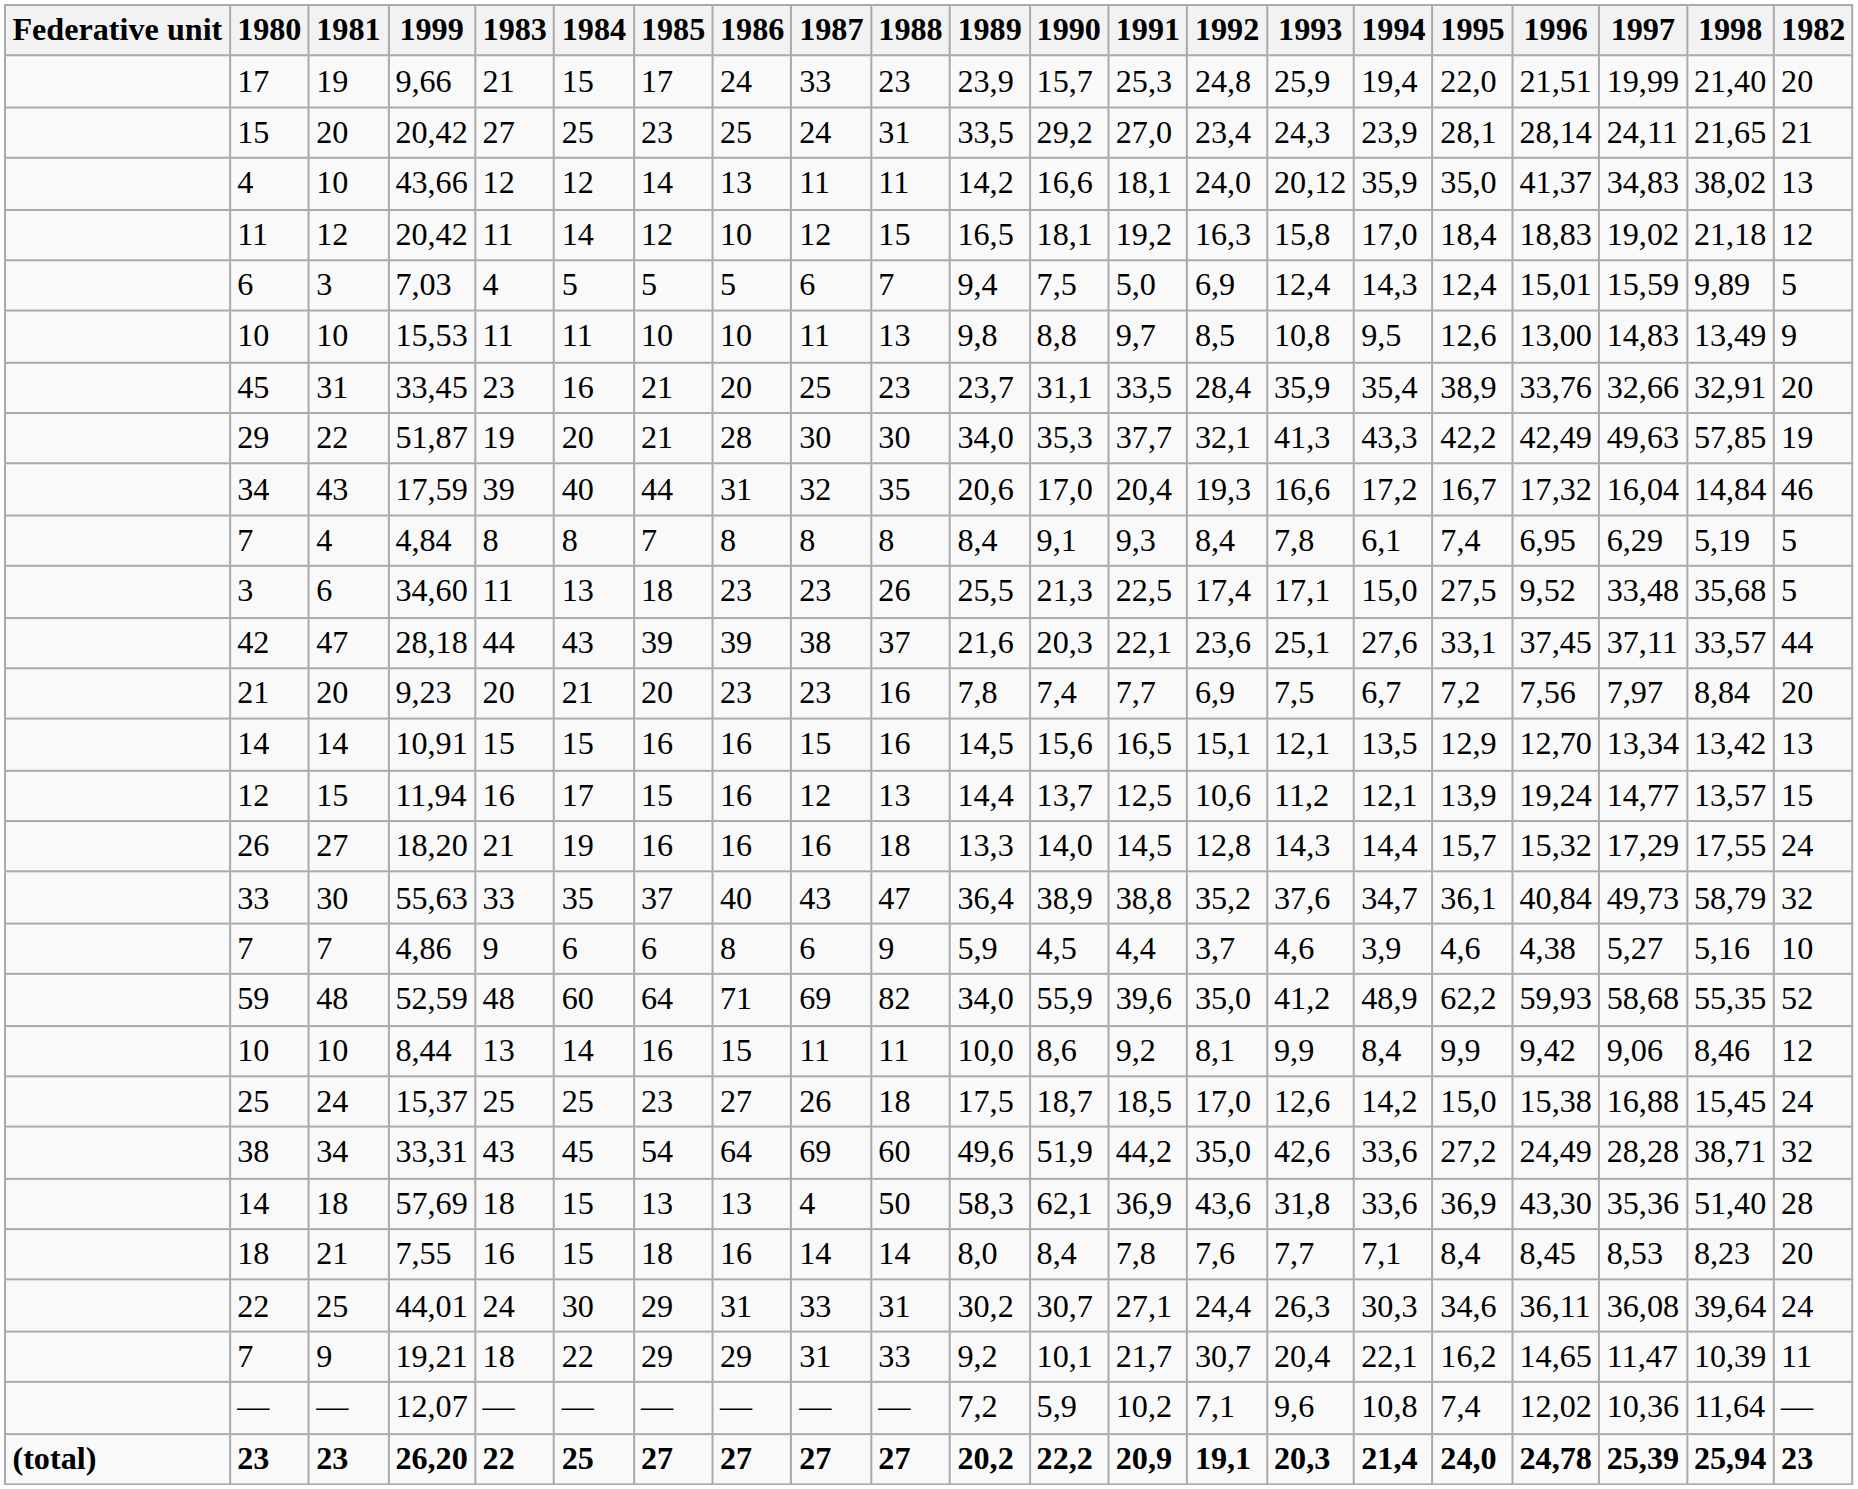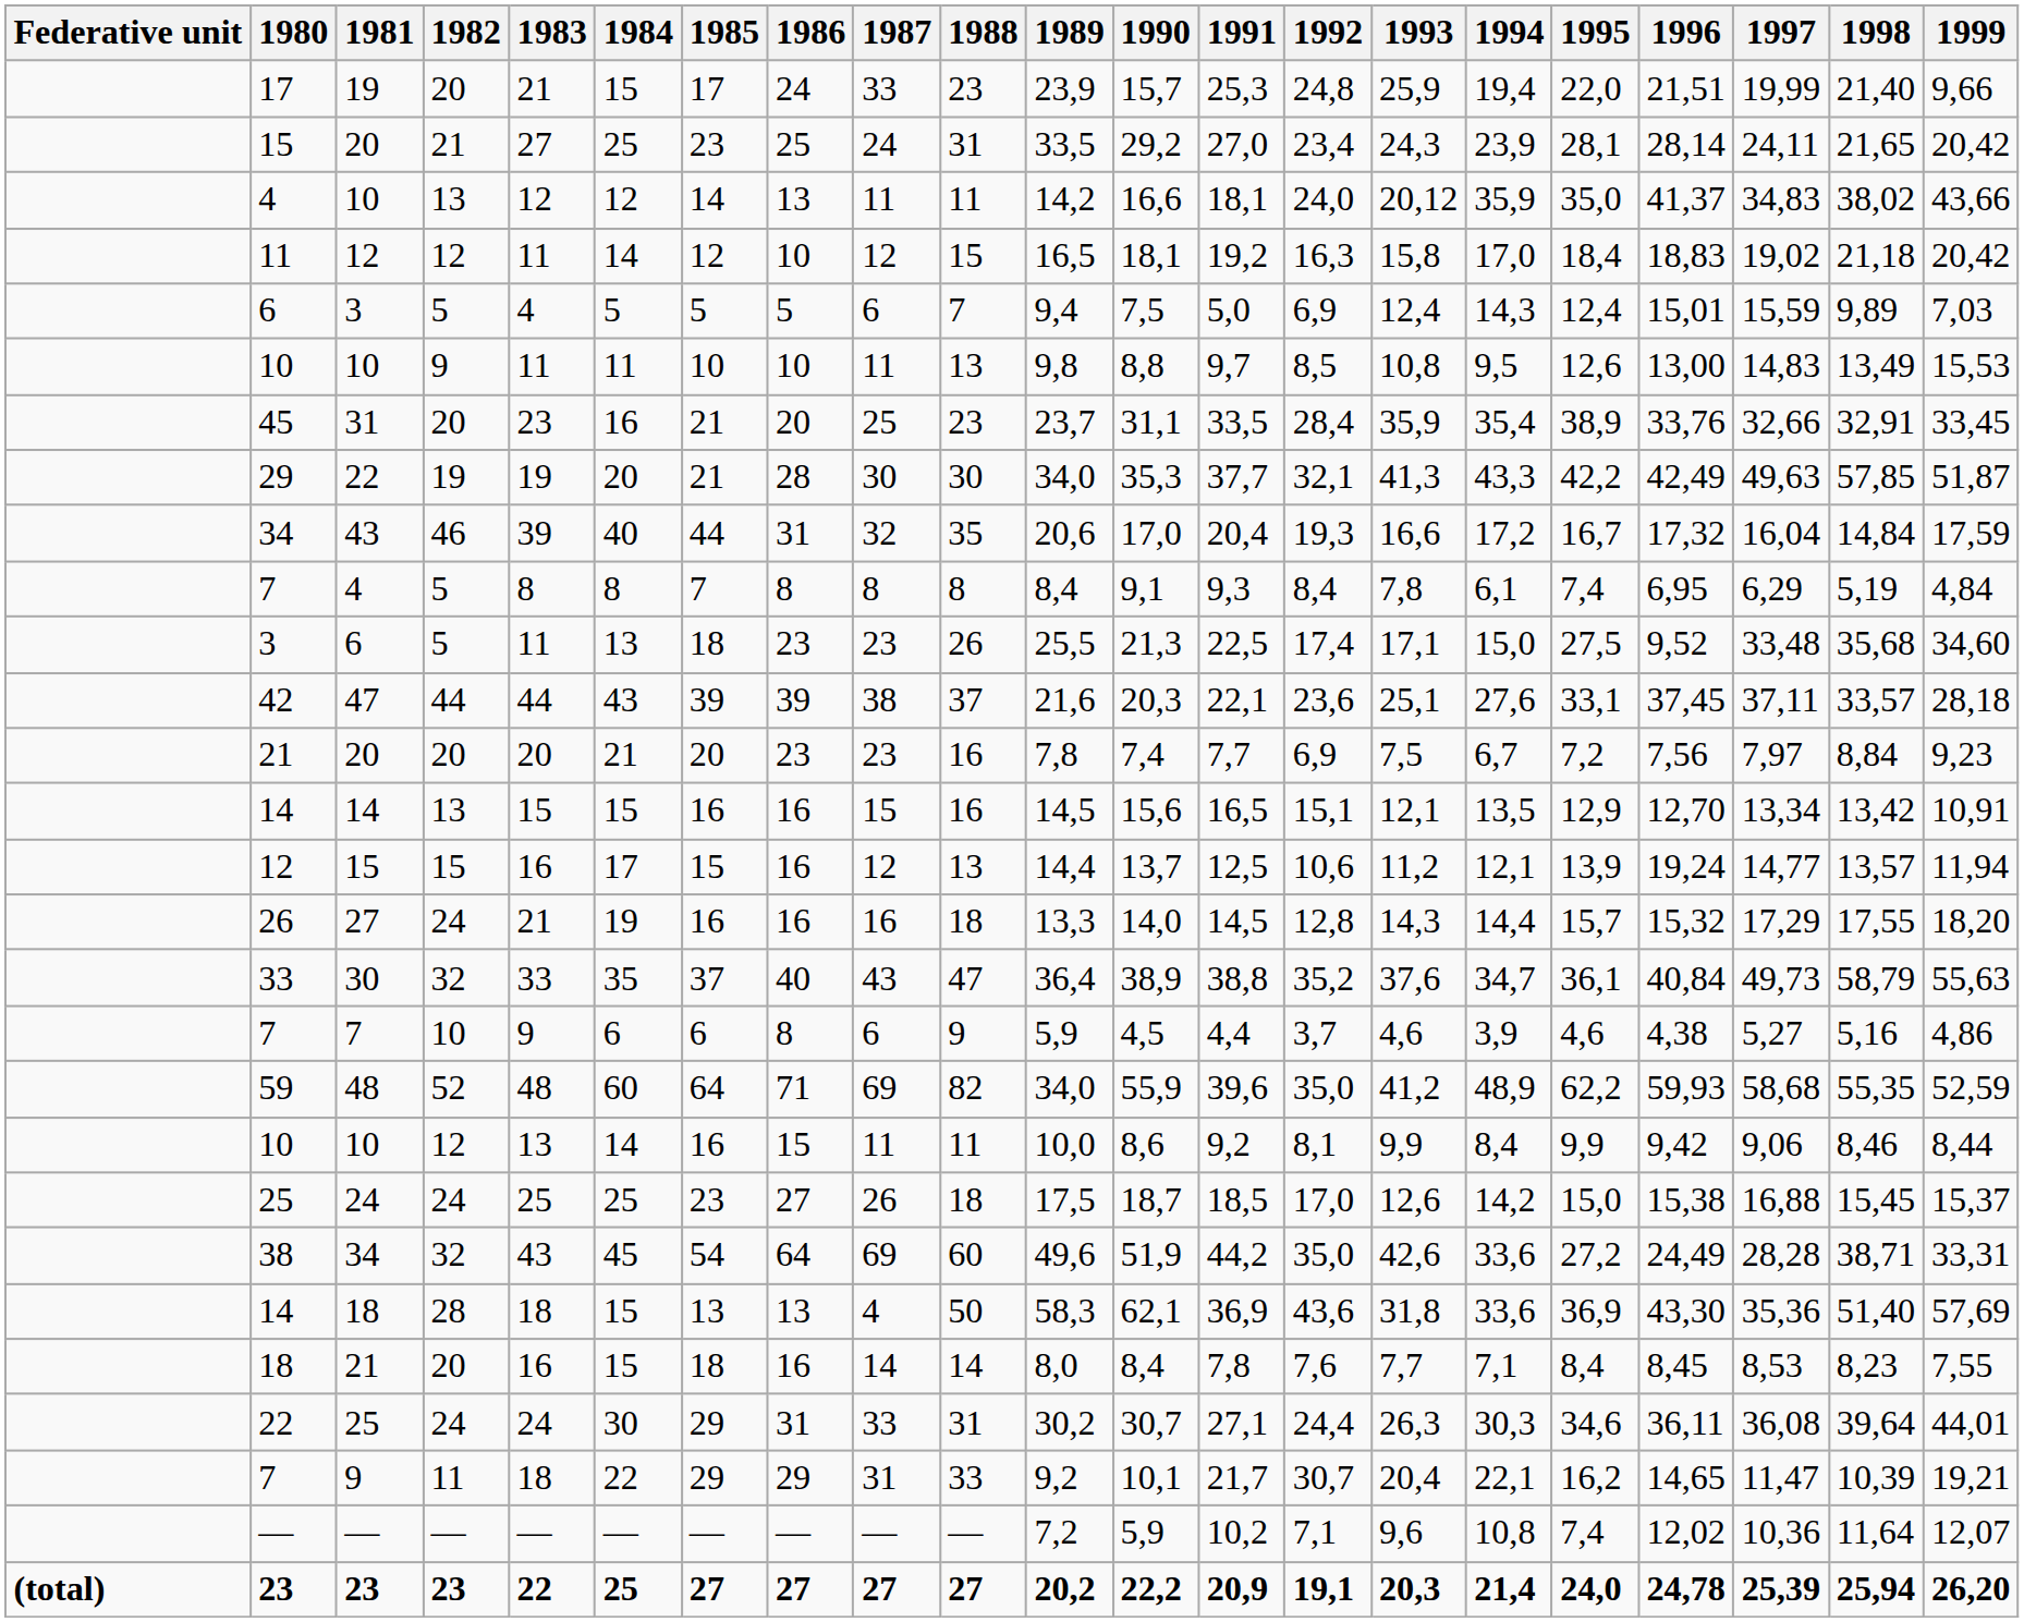 <table class="wikitable sortable">
 <tr>
 <th>Federative unit</th>
 <th>1980</th>
 <th>1981</th>
-<th>1999</th>
+<th>1982</th>
 <th>1983</th>
 <th>1984</th>
 <th>1985</th>
 <th>1986</th>
 <th>1987</th>
 <th>1988</th>
 <th>1989</th>
 <th>1990</th>
 <th>1991</th>
 <th>1992</th>
 <th>1993</th>
 <th>1994</th>
 <th>1995</th>
 <th>1996</th>
 <th>1997</th>
 <th>1998</th>
-<th>1982</th>
+<th>1999</th>
 </tr>
 <tr>
 <td></td>
 <td>17</td>
 <td>19</td>
-<td>9,66</td>
+<td>20</td>
 <td>21</td>
 <td>15</td>
 <td>17</td>
 <td>24</td>
 <td>33</td>
 <td>23</td>
 <td>23,9</td>
 <td>15,7</td>
 <td>25,3</td>
 <td>24,8</td>
 <td>25,9</td>
 <td>19,4</td>
 <td>22,0</td>
 <td>21,51</td>
 <td>19,99</td>
 <td>21,40</td>
-<td>20</td>
+<td>9,66</td>
 </tr>
 <tr>
 <td></td>
 <td>15</td>
 <td>20</td>
-<td>20,42</td>
+<td>21</td>
 <td>27</td>
 <td>25</td>
 <td>23</td>
 <td>25</td>
 <td>24</td>
 <td>31</td>
 <td>33,5</td>
 <td>29,2</td>
 <td>27,0</td>
 <td>23,4</td>
 <td>24,3</td>
 <td>23,9</td>
 <td>28,1</td>
 <td>28,14</td>
 <td>24,11</td>
 <td>21,65</td>
-<td>21</td>
+<td>20,42</td>
 </tr>
 <tr>
 <td></td>
 <td>4</td>
 <td>10</td>
-<td>43,66</td>
+<td>13</td>
 <td>12</td>
 <td>12</td>
 <td>14</td>
 <td>13</td>
 <td>11</td>
 <td>11</td>
 <td>14,2</td>
 <td>16,6</td>
 <td>18,1</td>
 <td>24,0</td>
 <td>20,12</td>
 <td>35,9</td>
 <td>35,0</td>
 <td>41,37</td>
 <td>34,83</td>
 <td>38,02</td>
-<td>13</td>
+<td>43,66</td>
 </tr>
 <tr>
 <td></td>
 <td>11</td>
 <td>12</td>
-<td>20,42</td>
+<td>12</td>
 <td>11</td>
 <td>14</td>
 <td>12</td>
 <td>10</td>
 <td>12</td>
 <td>15</td>
 <td>16,5</td>
 <td>18,1</td>
 <td>19,2</td>
 <td>16,3</td>
 <td>15,8</td>
 <td>17,0</td>
 <td>18,4</td>
 <td>18,83</td>
 <td>19,02</td>
 <td>21,18</td>
-<td>12</td>
+<td>20,42</td>
 </tr>
 <tr>
 <td></td>
 <td>6</td>
 <td>3</td>
-<td>7,03</td>
+<td>5</td>
 <td>4</td>
 <td>5</td>
 <td>5</td>
 <td>5</td>
 <td>6</td>
 <td>7</td>
 <td>9,4</td>
 <td>7,5</td>
 <td>5,0</td>
 <td>6,9</td>
 <td>12,4</td>
 <td>14,3</td>
 <td>12,4</td>
 <td>15,01</td>
 <td>15,59</td>
 <td>9,89</td>
-<td>5</td>
+<td>7,03</td>
 </tr>
 <tr>
 <td></td>
 <td>10</td>
 <td>10</td>
-<td>15,53</td>
+<td>9</td>
 <td>11</td>
 <td>11</td>
 <td>10</td>
 <td>10</td>
 <td>11</td>
 <td>13</td>
 <td>9,8</td>
 <td>8,8</td>
 <td>9,7</td>
 <td>8,5</td>
 <td>10,8</td>
 <td>9,5</td>
 <td>12,6</td>
 <td>13,00</td>
 <td>14,83</td>
 <td>13,49</td>
-<td>9</td>
+<td>15,53</td>
 </tr>
 <tr>
 <td></td>
 <td>45</td>
 <td>31</td>
-<td>33,45</td>
+<td>20</td>
 <td>23</td>
 <td>16</td>
 <td>21</td>
 <td>20</td>
 <td>25</td>
 <td>23</td>
 <td>23,7</td>
 <td>31,1</td>
 <td>33,5</td>
 <td>28,4</td>
 <td>35,9</td>
 <td>35,4</td>
 <td>38,9</td>
 <td>33,76</td>
 <td>32,66</td>
 <td>32,91</td>
-<td>20</td>
+<td>33,45</td>
 </tr>
 <tr>
 <td></td>
 <td>29</td>
 <td>22</td>
-<td>51,87</td>
+<td>19</td>
 <td>19</td>
 <td>20</td>
 <td>21</td>
 <td>28</td>
 <td>30</td>
 <td>30</td>
 <td>34,0</td>
 <td>35,3</td>
 <td>37,7</td>
 <td>32,1</td>
 <td>41,3</td>
 <td>43,3</td>
 <td>42,2</td>
 <td>42,49</td>
 <td>49,63</td>
 <td>57,85</td>
-<td>19</td>
+<td>51,87</td>
 </tr>
 <tr>
 <td></td>
 <td>34</td>
 <td>43</td>
-<td>17,59</td>
+<td>46</td>
 <td>39</td>
 <td>40</td>
 <td>44</td>
 <td>31</td>
 <td>32</td>
 <td>35</td>
 <td>20,6</td>
 <td>17,0</td>
 <td>20,4</td>
 <td>19,3</td>
 <td>16,6</td>
 <td>17,2</td>
 <td>16,7</td>
 <td>17,32</td>
 <td>16,04</td>
 <td>14,84</td>
-<td>46</td>
+<td>17,59</td>
 </tr>
 <tr>
 <td></td>
 <td>7</td>
 <td>4</td>
-<td>4,84</td>
+<td>5</td>
 <td>8</td>
 <td>8</td>
 <td>7</td>
 <td>8</td>
 <td>8</td>
 <td>8</td>
 <td>8,4</td>
 <td>9,1</td>
 <td>9,3</td>
 <td>8,4</td>
 <td>7,8</td>
 <td>6,1</td>
 <td>7,4</td>
 <td>6,95</td>
 <td>6,29</td>
 <td>5,19</td>
-<td>5</td>
+<td>4,84</td>
 </tr>
 <tr>
 <td></td>
 <td>3</td>
 <td>6</td>
-<td>34,60</td>
+<td>5</td>
 <td>11</td>
 <td>13</td>
 <td>18</td>
 <td>23</td>
 <td>23</td>
 <td>26</td>
 <td>25,5</td>
 <td>21,3</td>
 <td>22,5</td>
 <td>17,4</td>
 <td>17,1</td>
 <td>15,0</td>
 <td>27,5</td>
 <td>9,52</td>
 <td>33,48</td>
 <td>35,68</td>
-<td>5</td>
+<td>34,60</td>
 </tr>
 <tr>
 <td></td>
 <td>42</td>
 <td>47</td>
-<td>28,18</td>
+<td>44</td>
 <td>44</td>
 <td>43</td>
 <td>39</td>
 <td>39</td>
 <td>38</td>
 <td>37</td>
 <td>21,6</td>
 <td>20,3</td>
 <td>22,1</td>
 <td>23,6</td>
 <td>25,1</td>
 <td>27,6</td>
 <td>33,1</td>
 <td>37,45</td>
 <td>37,11</td>
 <td>33,57</td>
-<td>44</td>
+<td>28,18</td>
 </tr>
 <tr>
 <td></td>
 <td>21</td>
 <td>20</td>
-<td>9,23</td>
+<td>20</td>
 <td>20</td>
 <td>21</td>
 <td>20</td>
 <td>23</td>
 <td>23</td>
 <td>16</td>
 <td>7,8</td>
 <td>7,4</td>
 <td>7,7</td>
 <td>6,9</td>
 <td>7,5</td>
 <td>6,7</td>
 <td>7,2</td>
 <td>7,56</td>
 <td>7,97</td>
 <td>8,84</td>
-<td>20</td>
+<td>9,23</td>
 </tr>
 <tr>
 <td></td>
 <td>14</td>
 <td>14</td>
-<td>10,91</td>
+<td>13</td>
 <td>15</td>
 <td>15</td>
 <td>16</td>
 <td>16</td>
 <td>15</td>
 <td>16</td>
 <td>14,5</td>
 <td>15,6</td>
 <td>16,5</td>
 <td>15,1</td>
 <td>12,1</td>
 <td>13,5</td>
 <td>12,9</td>
 <td>12,70</td>
 <td>13,34</td>
 <td>13,42</td>
-<td>13</td>
+<td>10,91</td>
 </tr>
 <tr>
 <td></td>
 <td>12</td>
 <td>15</td>
-<td>11,94</td>
+<td>15</td>
 <td>16</td>
 <td>17</td>
 <td>15</td>
 <td>16</td>
 <td>12</td>
 <td>13</td>
 <td>14,4</td>
 <td>13,7</td>
 <td>12,5</td>
 <td>10,6</td>
 <td>11,2</td>
 <td>12,1</td>
 <td>13,9</td>
 <td>19,24</td>
 <td>14,77</td>
 <td>13,57</td>
-<td>15</td>
+<td>11,94</td>
 </tr>
 <tr>
 <td></td>
 <td>26</td>
 <td>27</td>
-<td>18,20</td>
+<td>24</td>
 <td>21</td>
 <td>19</td>
 <td>16</td>
 <td>16</td>
 <td>16</td>
 <td>18</td>
 <td>13,3</td>
 <td>14,0</td>
 <td>14,5</td>
 <td>12,8</td>
 <td>14,3</td>
 <td>14,4</td>
 <td>15,7</td>
 <td>15,32</td>
 <td>17,29</td>
 <td>17,55</td>
-<td>24</td>
+<td>18,20</td>
 </tr>
 <tr>
 <td></td>
 <td>33</td>
 <td>30</td>
-<td>55,63</td>
+<td>32</td>
 <td>33</td>
 <td>35</td>
 <td>37</td>
 <td>40</td>
 <td>43</td>
 <td>47</td>
 <td>36,4</td>
 <td>38,9</td>
 <td>38,8</td>
 <td>35,2</td>
 <td>37,6</td>
 <td>34,7</td>
 <td>36,1</td>
 <td>40,84</td>
 <td>49,73</td>
 <td>58,79</td>
-<td>32</td>
+<td>55,63</td>
 </tr>
 <tr>
 <td></td>
 <td>7</td>
 <td>7</td>
-<td>4,86</td>
+<td>10</td>
 <td>9</td>
 <td>6</td>
 <td>6</td>
 <td>8</td>
 <td>6</td>
 <td>9</td>
 <td>5,9</td>
 <td>4,5</td>
 <td>4,4</td>
 <td>3,7</td>
 <td>4,6</td>
 <td>3,9</td>
 <td>4,6</td>
 <td>4,38</td>
 <td>5,27</td>
 <td>5,16</td>
-<td>10</td>
+<td>4,86</td>
 </tr>
 <tr>
 <td></td>
 <td>59</td>
 <td>48</td>
-<td>52,59</td>
+<td>52</td>
 <td>48</td>
 <td>60</td>
 <td>64</td>
 <td>71</td>
 <td>69</td>
 <td>82</td>
 <td>34,0</td>
 <td>55,9</td>
 <td>39,6</td>
 <td>35,0</td>
 <td>41,2</td>
 <td>48,9</td>
 <td>62,2</td>
 <td>59,93</td>
 <td>58,68</td>
 <td>55,35</td>
-<td>52</td>
+<td>52,59</td>
 </tr>
 <tr>
 <td></td>
 <td>10</td>
 <td>10</td>
-<td>8,44</td>
+<td>12</td>
 <td>13</td>
 <td>14</td>
 <td>16</td>
 <td>15</td>
 <td>11</td>
 <td>11</td>
 <td>10,0</td>
 <td>8,6</td>
 <td>9,2</td>
 <td>8,1</td>
 <td>9,9</td>
 <td>8,4</td>
 <td>9,9</td>
 <td>9,42</td>
 <td>9,06</td>
 <td>8,46</td>
-<td>12</td>
+<td>8,44</td>
 </tr>
 <tr>
 <td></td>
 <td>25</td>
 <td>24</td>
-<td>15,37</td>
+<td>24</td>
 <td>25</td>
 <td>25</td>
 <td>23</td>
 <td>27</td>
 <td>26</td>
 <td>18</td>
 <td>17,5</td>
 <td>18,7</td>
 <td>18,5</td>
 <td>17,0</td>
 <td>12,6</td>
 <td>14,2</td>
 <td>15,0</td>
 <td>15,38</td>
 <td>16,88</td>
 <td>15,45</td>
-<td>24</td>
+<td>15,37</td>
 </tr>
 <tr>
 <td></td>
 <td>38</td>
 <td>34</td>
-<td>33,31</td>
+<td>32</td>
 <td>43</td>
 <td>45</td>
 <td>54</td>
 <td>64</td>
 <td>69</td>
 <td>60</td>
 <td>49,6</td>
 <td>51,9</td>
 <td>44,2</td>
 <td>35,0</td>
 <td>42,6</td>
 <td>33,6</td>
 <td>27,2</td>
 <td>24,49</td>
 <td>28,28</td>
 <td>38,71</td>
-<td>32</td>
+<td>33,31</td>
 </tr>
 <tr>
 <td></td>
 <td>14</td>
 <td>18</td>
-<td>57,69</td>
+<td>28</td>
 <td>18</td>
 <td>15</td>
 <td>13</td>
 <td>13</td>
 <td>4</td>
 <td>50</td>
 <td>58,3</td>
 <td>62,1</td>
 <td>36,9</td>
 <td>43,6</td>
 <td>31,8</td>
 <td>33,6</td>
 <td>36,9</td>
 <td>43,30</td>
 <td>35,36</td>
 <td>51,40</td>
-<td>28</td>
+<td>57,69</td>
 </tr>
 <tr>
 <td></td>
 <td>18</td>
 <td>21</td>
-<td>7,55</td>
+<td>20</td>
 <td>16</td>
 <td>15</td>
 <td>18</td>
 <td>16</td>
 <td>14</td>
 <td>14</td>
 <td>8,0</td>
 <td>8,4</td>
 <td>7,8</td>
 <td>7,6</td>
 <td>7,7</td>
 <td>7,1</td>
 <td>8,4</td>
 <td>8,45</td>
 <td>8,53</td>
 <td>8,23</td>
-<td>20</td>
+<td>7,55</td>
 </tr>
 <tr>
 <td></td>
 <td>22</td>
 <td>25</td>
-<td>44,01</td>
+<td>24</td>
 <td>24</td>
 <td>30</td>
 <td>29</td>
 <td>31</td>
 <td>33</td>
 <td>31</td>
 <td>30,2</td>
 <td>30,7</td>
 <td>27,1</td>
 <td>24,4</td>
 <td>26,3</td>
 <td>30,3</td>
 <td>34,6</td>
 <td>36,11</td>
 <td>36,08</td>
 <td>39,64</td>
-<td>24</td>
+<td>44,01</td>
 </tr>
 <tr>
 <td></td>
 <td>7</td>
 <td>9</td>
-<td>19,21</td>
+<td>11</td>
 <td>18</td>
 <td>22</td>
 <td>29</td>
 <td>29</td>
 <td>31</td>
 <td>33</td>
 <td>9,2</td>
 <td>10,1</td>
 <td>21,7</td>
 <td>30,7</td>
 <td>20,4</td>
 <td>22,1</td>
 <td>16,2</td>
 <td>14,65</td>
 <td>11,47</td>
 <td>10,39</td>
-<td>11</td>
+<td>19,21</td>
 </tr>
 <tr>
 <td></td>
 <td>—</td>
 <td>—</td>
-<td>12,07</td>
+<td>—</td>
 <td>—</td>
 <td>—</td>
 <td>—</td>
 <td>—</td>
 <td>—</td>
 <td>—</td>
 <td>7,2</td>
 <td>5,9</td>
 <td>10,2</td>
 <td>7,1</td>
 <td>9,6</td>
 <td>10,8</td>
 <td>7,4</td>
 <td>12,02</td>
 <td>10,36</td>
 <td>11,64</td>
-<td>—</td>
+<td>12,07</td>
 </tr>
 <tr>
 <td><strong> (total)</strong></td>
 <td><strong>23</strong></td>
 <td><strong>23</strong></td>
-<td><strong>26,20</strong></td>
+<td><strong>23</strong></td>
 <td><strong>22</strong></td>
 <td><strong>25</strong></td>
 <td><strong>27</strong></td>
 <td><strong>27</strong></td>
 <td><strong>27</strong></td>
 <td><strong>27</strong></td>
 <td><strong>20,2</strong></td>
 <td><strong>22,2</strong></td>
 <td><strong>20,9</strong></td>
 <td><strong>19,1</strong></td>
 <td><strong>20,3</strong></td>
 <td><strong>21,4</strong></td>
 <td><strong>24,0</strong></td>
 <td><strong>24,78</strong></td>
 <td><strong>25,39</strong></td>
 <td><strong>25,94</strong></td>
-<td><strong>23</strong></td>
+<td><strong>26,20</strong></td>
 </tr>
 </table>
